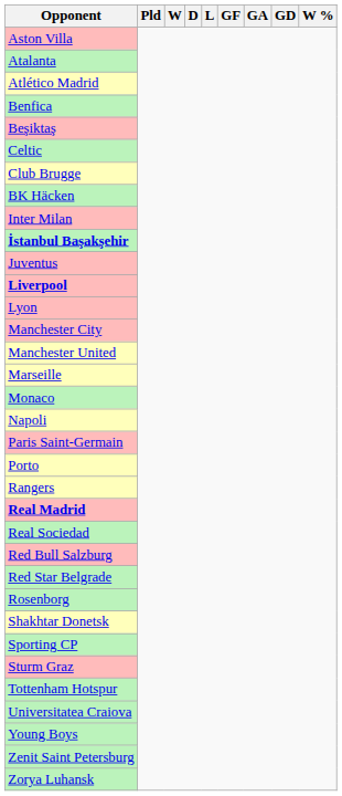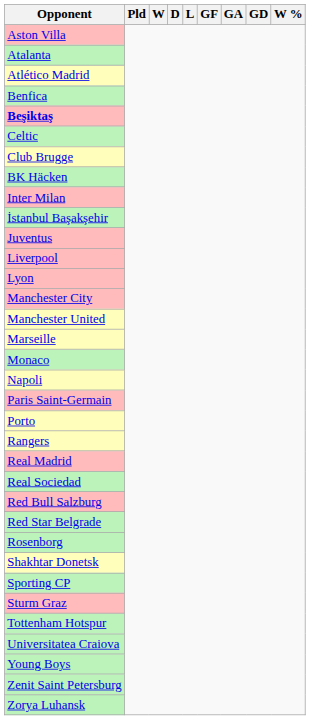 <table class="wikitable sortable" style="text-align:center">
 <tr>
 <th>Opponent</th>
 <th>Pld</th>
 <th>W</th>
 <th>D</th>
 <th>L</th>
 <th>GF</th>
 <th>GA</th>
 <th>GD</th>
 <th>W %</th>
 </tr>
 <tr bgcolor="#ffbbbb">
 <td style="text-align:left"> <a href='#'>Aston Villa</a><br></td>
 </tr>
 <tr bgcolor="#bbf3bb">
 <td style="text-align:left"> <a href='#'>Atalanta</a><br></td>
 </tr>
 <tr bgcolor="#ffffbb">
 <td style="text-align:left"> <a href='#'>Atlético Madrid</a><br></td>
 </tr>
 <tr bgcolor="#bbf3bb">
 <td style="text-align:left"> <a href='#'>Benfica</a><br></td>
 </tr>
 <tr bgcolor="#ffbbbb">
-<td style="text-align:left"> <a href='#'>Beşiktaş</a><br></td>
+<td style="text-align:left"><strong> <a href='#'>Beşiktaş</a><br></strong></td>
 </tr>
 <tr bgcolor="#bbf3bb">
 <td style="text-align:left"> <a href='#'>Celtic</a><br></td>
 </tr>
 <tr bgcolor="#ffffbb">
 <td style="text-align:left"> <a href='#'>Club Brugge</a><br></td>
 </tr>
 <tr bgcolor="#bbf3bb">
 <td style="text-align:left"> <a href='#'>BK Häcken</a><br></td>
 </tr>
 <tr bgcolor="#ffbbbb">
 <td style="text-align:left"> <a href='#'>Inter Milan</a><br></td>
 </tr>
 <tr bgcolor="#bbf3bb">
-<td style="text-align:left"><strong> <a href='#'>İstanbul Başakşehir</a><br></strong></td>
+<td style="text-align:left"> <a href='#'>İstanbul Başakşehir</a><br></td>
 </tr>
 <tr bgcolor="#ffbbbb">
 <td style="text-align:left"> <a href='#'>Juventus</a><br></td>
 </tr>
 <tr bgcolor="#ffbbbb">
-<td style="text-align:left"><strong> <a href='#'>Liverpool</a><br></strong></td>
+<td style="text-align:left"> <a href='#'>Liverpool</a><br></td>
 </tr>
 <tr bgcolor="#ffbbbb">
 <td style="text-align:left"> <a href='#'>Lyon</a><br></td>
 </tr>
 <tr bgcolor="#ffbbbb">
 <td style="text-align:left"> <a href='#'>Manchester City</a><br></td>
 </tr>
 <tr bgcolor="#ffffbb">
 <td style="text-align:left"> <a href='#'>Manchester United</a><br></td>
 </tr>
 <tr bgcolor="#ffffbb">
 <td style="text-align:left"> <a href='#'>Marseille</a><br></td>
 </tr>
 <tr bgcolor="#bbf3bb">
 <td style="text-align:left"> <a href='#'>Monaco</a><br></td>
 </tr>
 <tr bgcolor="#ffffbb">
 <td style="text-align:left"> <a href='#'>Napoli</a><br></td>
 </tr>
 <tr bgcolor="#ffbbbb">
 <td style="text-align:left"> <a href='#'>Paris Saint-Germain</a><br></td>
 </tr>
 <tr bgcolor="#ffffbb">
 <td style="text-align:left"> <a href='#'>Porto</a><br></td>
 </tr>
 <tr bgcolor="#ffffbb">
 <td style="text-align:left"> <a href='#'>Rangers</a><br></td>
 </tr>
 <tr bgcolor="#ffbbbb">
-<td style="text-align:left"><strong> <a href='#'>Real Madrid</a><br></strong></td>
+<td style="text-align:left"> <a href='#'>Real Madrid</a><br></td>
 </tr>
 <tr bgcolor="#bbf3bb">
 <td style="text-align:left"> <a href='#'>Real Sociedad</a><br></td>
 </tr>
 <tr bgcolor="#ffbbbb">
 <td style="text-align:left"> <a href='#'>Red Bull Salzburg</a><br></td>
 </tr>
 <tr bgcolor="#bbf3bb">
 <td style="text-align:left"> <a href='#'>Red Star Belgrade</a><br></td>
 </tr>
 <tr bgcolor="#bbf3bb">
 <td style="text-align:left"> <a href='#'>Rosenborg</a><br></td>
 </tr>
 <tr bgcolor="#ffffbb">
 <td style="text-align:left"> <a href='#'>Shakhtar Donetsk</a><br></td>
 </tr>
 <tr bgcolor="#bbf3bb">
 <td style="text-align:left"> <a href='#'>Sporting CP</a><br></td>
 </tr>
 <tr bgcolor="#ffbbbb">
 <td style="text-align:left"> <a href='#'>Sturm Graz</a><br></td>
 </tr>
 <tr bgcolor="#bbf3bb">
 <td style="text-align:left"> <a href='#'>Tottenham Hotspur</a><br></td>
 </tr>
 <tr bgcolor="#bbf3bb">
 <td style="text-align:left"> <a href='#'>Universitatea Craiova</a><br></td>
 </tr>
 <tr bgcolor="#bbf3bb">
 <td style="text-align:left"> <a href='#'>Young Boys</a><br></td>
 </tr>
 <tr bgcolor="#bbf3bb">
 <td style="text-align:left"> <a href='#'>Zenit Saint Petersburg</a><br></td>
 </tr>
 <tr bgcolor="#bbf3bb">
 <td style="text-align:left"> <a href='#'>Zorya Luhansk</a><br></td>
 </tr>
 </table>
